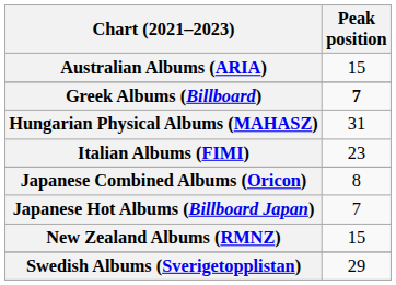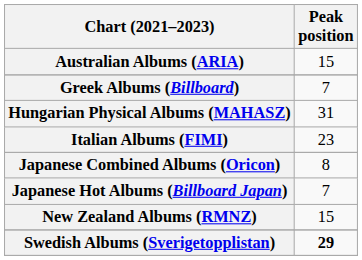 <table class="wikitable sortable plainrowheaders" style="text-align:center;">
 <tr>
 <th scope="col">Chart (2021–2023)</th>
 <th scope="col">Peak<br>position</th>
 </tr>
 <tr>
 <th scope="row">Australian Albums (<a href='#'>ARIA</a>)</th>
 <td>15</td>
 </tr>
 <tr>
 </tr>
 <tr>
 </tr>
 <tr>
 </tr>
 <tr>
 <th scope="row">Greek Albums (<a href='#'><em>Billboard</em></a>)</th>
-<td><strong>7</strong></td>
+<td>7</td>
 </tr>
 <tr>
 <th scope="row">Hungarian Physical Albums (<a href='#'>MAHASZ</a>)</th>
 <td>31</td>
 </tr>
 <tr>
 <th scope="row">Italian Albums (<a href='#'>FIMI</a>)</th>
 <td>23</td>
 </tr>
 <tr>
 </tr>
 <tr>
 <th scope="row">Japanese Combined Albums (<a href='#'>Oricon</a>)</th>
 <td>8</td>
 </tr>
 <tr>
 <th scope="row">Japanese Hot Albums (<em><a href='#'>Billboard Japan</a></em>)</th>
 <td>7</td>
 </tr>
 <tr>
 <th scope="row">New Zealand Albums (<a href='#'>RMNZ</a>)</th>
 <td>15</td>
 </tr>
 <tr>
 </tr>
 <tr>
 </tr>
 <tr>
 </tr>
 <tr>
 <th scope="row">Swedish Albums (<a href='#'>Sverigetopplistan</a>)</th>
-<td>29</td>
+<td><strong>29</strong></td>
 </tr>
 <tr>
 </tr>
 </table>
